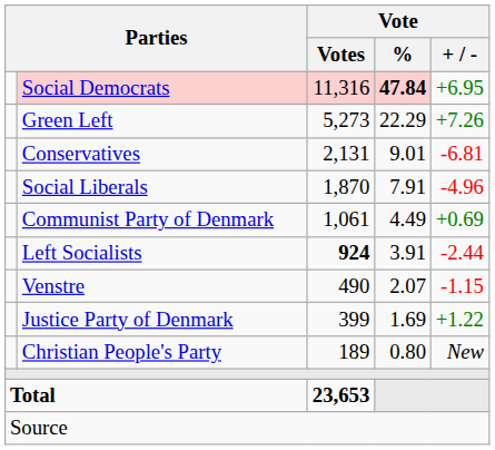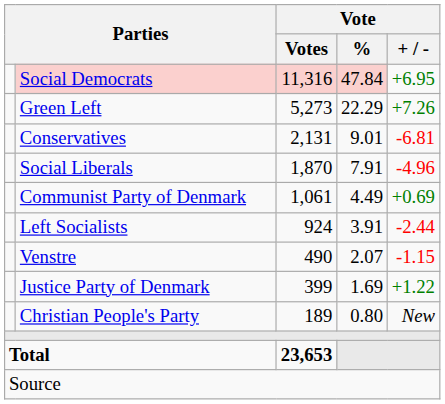 <table class="wikitable" style="text-align:right;">
 <tr>
 <th style="text-align:centre;" rowspan="2" colspan="2" width="225">Parties</th>
 <th colspan="3">Vote</th>
 </tr>
 <tr>
 <th width="15">Votes</th>
 <th width="15">%</th>
 <th width="15">+ / -</th>
 </tr>
 <tr>
 <td width="2" style="color:inherit;background:"></td>
 <td bgcolor=#fbd0ce  align="left"><a href='#'>Social Democrats</a></td>
 <td bgcolor=#fbd0ce>11,316</td>
-<td bgcolor=#fbd0ce><strong>47.84</strong></td>
+<td bgcolor=#fbd0ce>47.84</td>
 <td style=color:green;>+6.95</td>
 </tr>
 <tr>
 <td width="2" style="color:inherit;background:"></td>
 <td align="left"><a href='#'>Green Left</a></td>
 <td>5,273</td>
 <td>22.29</td>
 <td style=color:green;>+7.26</td>
 </tr>
 <tr>
 <td width="2" style="color:inherit;background:"></td>
 <td align="left"><a href='#'>Conservatives</a></td>
 <td>2,131</td>
 <td>9.01</td>
 <td style=color:red;>-6.81</td>
 </tr>
 <tr>
 <td width="2" style="color:inherit;background:"></td>
 <td align="left"><a href='#'>Social Liberals</a></td>
 <td>1,870</td>
 <td>7.91</td>
 <td style=color:red;>-4.96</td>
 </tr>
 <tr>
 <td width="2" style="color:inherit;background:"></td>
 <td align="left"><a href='#'>Communist Party of Denmark</a></td>
 <td>1,061</td>
 <td>4.49</td>
 <td style=color:green;>+0.69</td>
 </tr>
 <tr>
 <td width="2" style="color:inherit;background:"></td>
 <td align="left"><a href='#'>Left Socialists</a></td>
-<td><strong>924</strong></td>
+<td>924</td>
 <td>3.91</td>
 <td style=color:red;>-2.44</td>
 </tr>
 <tr>
 <td width="2" style="color:inherit;background:"></td>
 <td align="left"><a href='#'>Venstre</a></td>
 <td>490</td>
 <td>2.07</td>
 <td style=color:red;>-1.15</td>
 </tr>
 <tr>
 <td width="2" style="color:inherit;background:"></td>
 <td align="left"><a href='#'>Justice Party of Denmark</a></td>
 <td>399</td>
 <td>1.69</td>
 <td style=color:green;>+1.22</td>
 </tr>
 <tr>
 <td width="2" style="color:inherit;background:"></td>
 <td align="left"><a href='#'>Christian People's Party</a></td>
 <td>189</td>
 <td>0.80</td>
 <td><em>New</em></td>
 </tr>
 <tr>
 <td colspan="7" bgcolor="#E9E9E9"></td>
 </tr>
 <tr>
 <td align="left" colspan="2"><strong>Total</strong></td>
 <td><strong>23,653</strong></td>
 <td bgcolor="#E9E9E9" colspan="2"></td>
 </tr>
 <tr>
 <td align="left" colspan="6">Source</td>
 </tr>
 </table>
